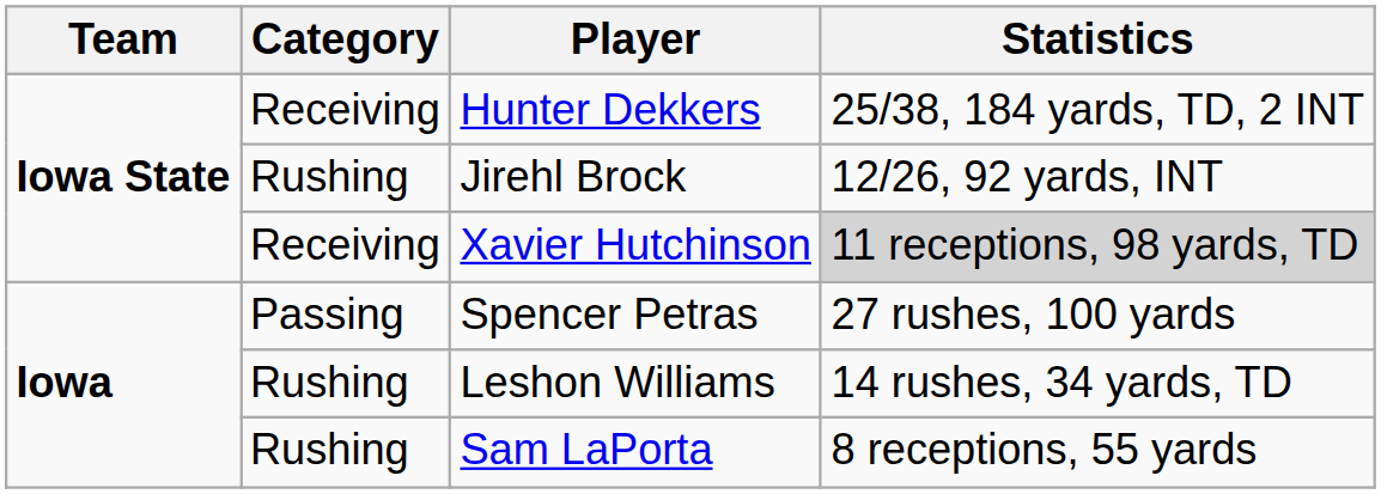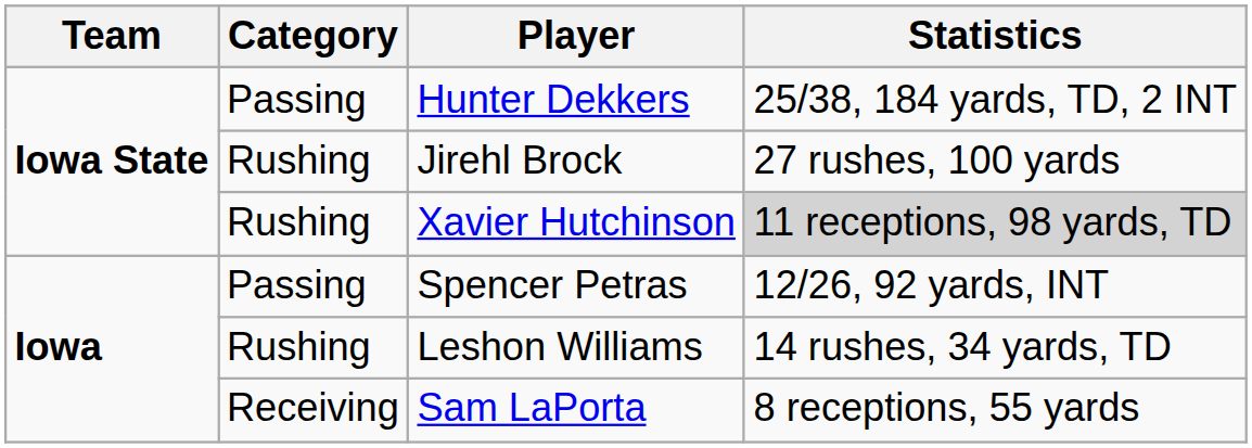 <table class="wikitable" style="float: left;">
 <tr>
 <th>Team</th>
 <th>Category</th>
 <th>Player</th>
 <th>Statistics</th>
 </tr>
 <tr>
 <td rowspan=3><strong>Iowa State</strong></td>
-<td>Receiving</td>
+<td>Passing</td>
 <td><a href='#'>Hunter Dekkers</a></td>
 <td>25/38, 184 yards, TD, 2 INT</td>
 </tr>
 <tr>
 <td>Rushing</td>
 <td>Jirehl Brock</td>
-<td>12/26, 92 yards, INT</td>
+<td>27 rushes, 100 yards</td>
 </tr>
 <tr>
-<td>Receiving</td>
+<td>Rushing</td>
 <td><a href='#'>Xavier Hutchinson</a></td>
 <td style="background: lightgrey;">11 receptions, 98 yards, TD</td>
 </tr>
 <tr>
 <td rowspan=3><strong>Iowa</strong></td>
 <td>Passing</td>
 <td>Spencer Petras</td>
-<td>27 rushes, 100 yards</td>
+<td>12/26, 92 yards, INT</td>
 </tr>
 <tr>
 <td>Rushing</td>
 <td>Leshon Williams</td>
 <td>14 rushes, 34 yards, TD</td>
 </tr>
 <tr>
-<td>Rushing</td>
+<td>Receiving</td>
 <td><a href='#'>Sam LaPorta</a></td>
 <td>8 receptions, 55 yards</td>
 </tr>
 </table>
